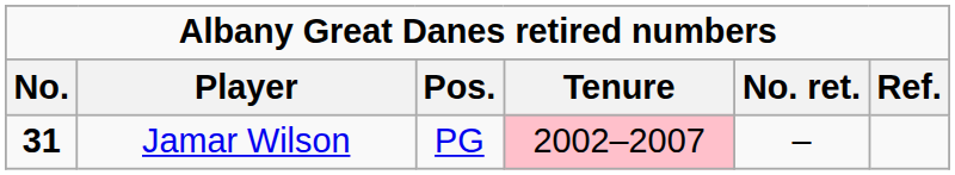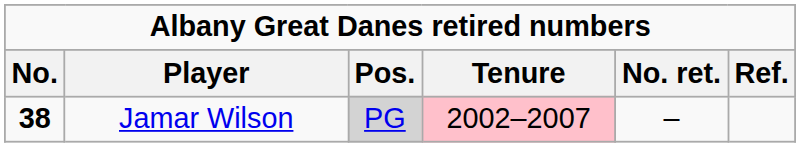 <table class="wikitable sortable" style="text-align:center">
 <tr>
 <td colspan=6><strong>Albany Great Danes retired numbers</strong></td>
 </tr>
 <tr>
 <th width=px>No.</th>
 <th width=150px>Player</th>
 <th width=px>Pos.</th>
 <th width=100px>Tenure</th>
 <th width=px>No. ret.</th>
 <th width=px>Ref.</th>
 </tr>
 <tr>
-<td><strong>31</strong></td>
+<td><strong>38</strong></td>
 <td><a href='#'>Jamar Wilson</a></td>
-<td><a href='#'>PG</a></td>
+<td style="background: lightgrey;"><a href='#'>PG</a></td>
 <td style="background: pink;">2002–2007</td>
 <td>–</td>
 <td></td>
 </tr>
 </table>
